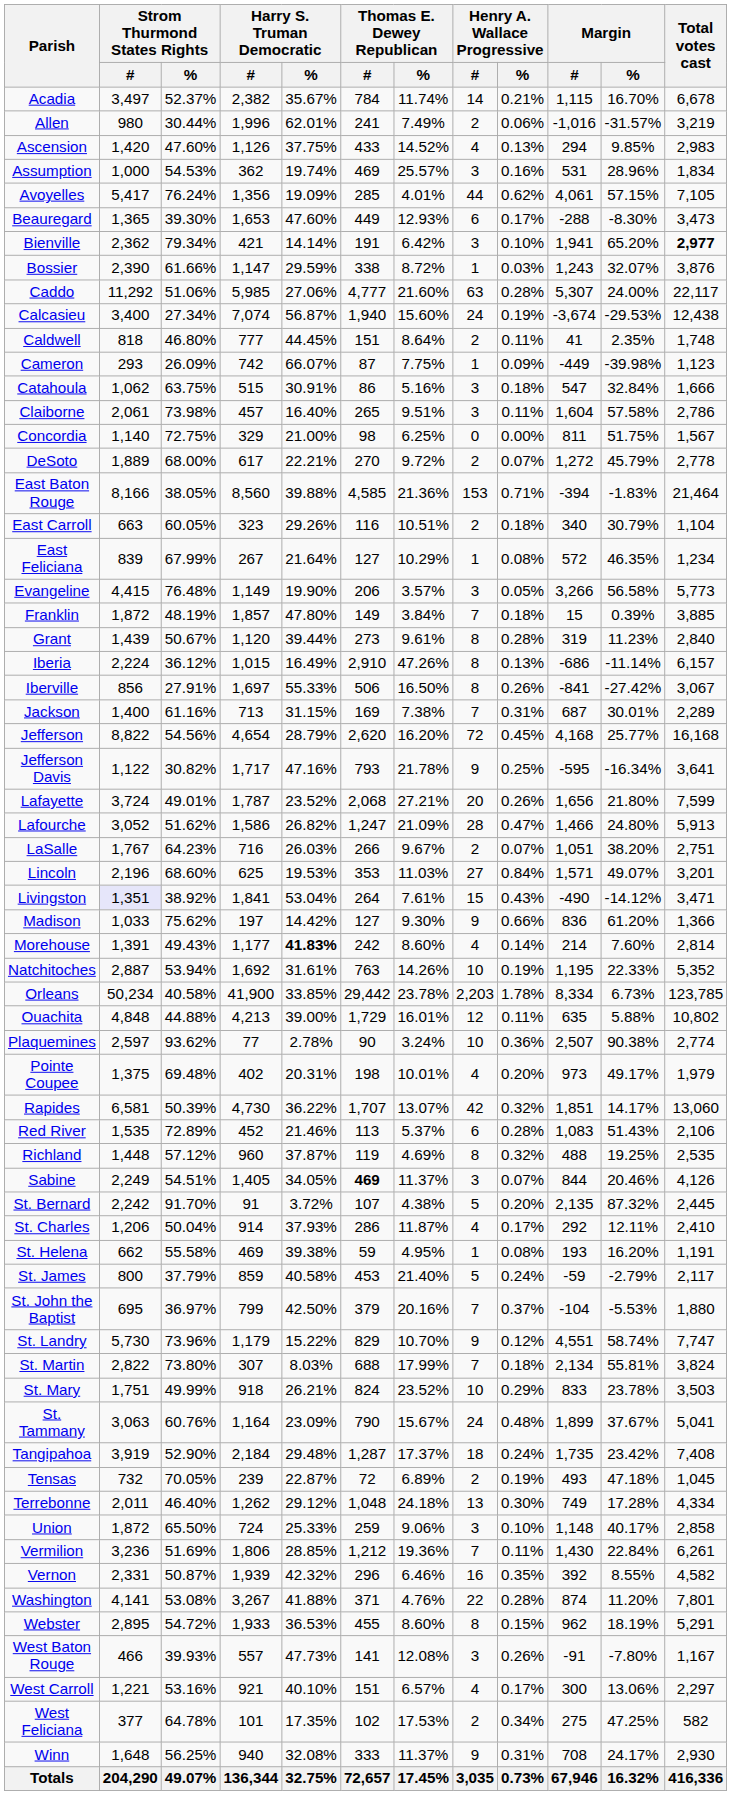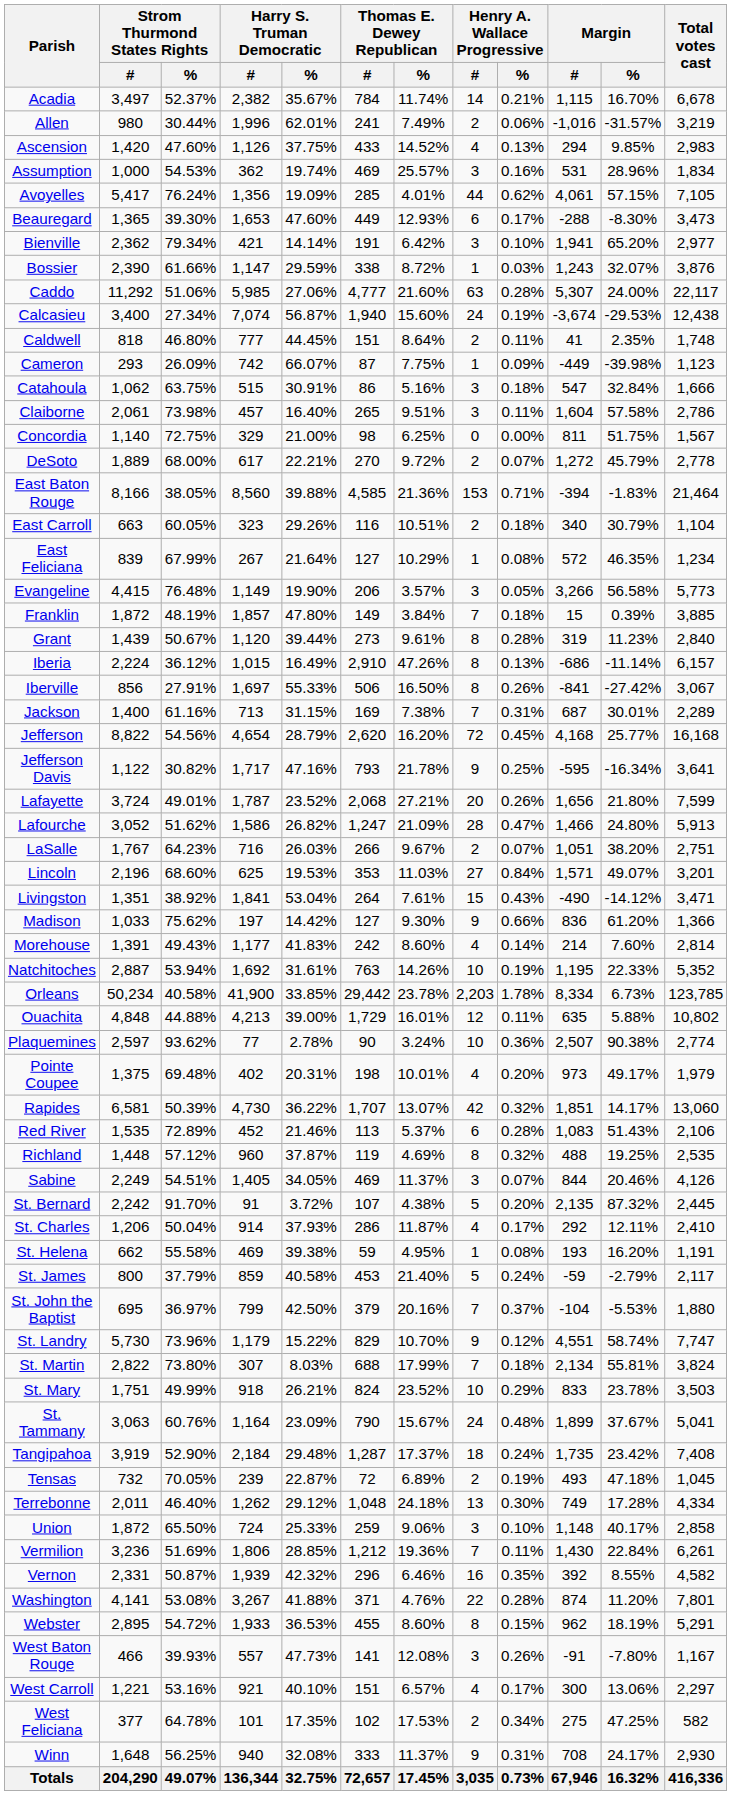 <table width="60%" class="wikitable sortable">
 <tr>
 <th rowspan="2">Parish</th>
 <th colspan="2">Strom Thurmond<br>States Rights</th>
 <th colspan="2">Harry S. Truman<br>Democratic</th>
 <th colspan="2">Thomas E. Dewey<br>Republican</th>
 <th colspan="2">Henry A. Wallace<br>Progressive</th>
 <th colspan="2">Margin</th>
 <th rowspan="2">Total votes cast</th>
 </tr>
 <tr>
 <th data-sort-type="number">#</th>
 <th data-sort-type="number">%</th>
 <th data-sort-type="number">#</th>
 <th data-sort-type="number">%</th>
 <th data-sort-type="number">#</th>
 <th data-sort-type="number">%</th>
 <th data-sort-type="number">#</th>
 <th data-sort-type="number">%</th>
 <th data-sort-type="number">#</th>
 <th data-sort-type="number">%</th>
 </tr>
 <tr style="text-align:center;">
 <td><a href='#'>Acadia</a></td>
 <td>3,497</td>
 <td>52.37%</td>
 <td>2,382</td>
 <td>35.67%</td>
 <td>784</td>
 <td>11.74%</td>
 <td>14</td>
 <td>0.21%</td>
 <td>1,115</td>
 <td>16.70%</td>
 <td>6,678</td>
 </tr>
 <tr style="text-align:center;">
 <td><a href='#'>Allen</a></td>
 <td>980</td>
 <td>30.44%</td>
 <td>1,996</td>
 <td>62.01%</td>
 <td>241</td>
 <td>7.49%</td>
 <td>2</td>
 <td>0.06%</td>
 <td>-1,016</td>
 <td>-31.57%</td>
 <td>3,219</td>
 </tr>
 <tr style="text-align:center;">
 <td><a href='#'>Ascension</a></td>
 <td>1,420</td>
 <td>47.60%</td>
 <td>1,126</td>
 <td>37.75%</td>
 <td>433</td>
 <td>14.52%</td>
 <td>4</td>
 <td>0.13%</td>
 <td>294</td>
 <td>9.85%</td>
 <td>2,983</td>
 </tr>
 <tr style="text-align:center;">
 <td><a href='#'>Assumption</a></td>
 <td>1,000</td>
 <td>54.53%</td>
 <td>362</td>
 <td>19.74%</td>
 <td>469</td>
 <td>25.57%</td>
 <td>3</td>
 <td>0.16%</td>
 <td>531</td>
 <td>28.96%</td>
 <td>1,834</td>
 </tr>
 <tr style="text-align:center;">
 <td><a href='#'>Avoyelles</a></td>
 <td>5,417</td>
 <td>76.24%</td>
 <td>1,356</td>
 <td>19.09%</td>
 <td>285</td>
 <td>4.01%</td>
 <td>44</td>
 <td>0.62%</td>
 <td>4,061</td>
 <td>57.15%</td>
 <td>7,105</td>
 </tr>
 <tr style="text-align:center;">
 <td><a href='#'>Beauregard</a></td>
 <td>1,365</td>
 <td>39.30%</td>
 <td>1,653</td>
 <td>47.60%</td>
 <td>449</td>
 <td>12.93%</td>
 <td>6</td>
 <td>0.17%</td>
 <td>-288</td>
 <td>-8.30%</td>
 <td>3,473</td>
 </tr>
 <tr style="text-align:center;">
 <td><a href='#'>Bienville</a></td>
 <td>2,362</td>
 <td>79.34%</td>
 <td>421</td>
 <td>14.14%</td>
 <td>191</td>
 <td>6.42%</td>
 <td>3</td>
 <td>0.10%</td>
 <td>1,941</td>
 <td>65.20%</td>
-<td><strong>2,977</strong></td>
+<td>2,977</td>
 </tr>
 <tr style="text-align:center;">
 <td><a href='#'>Bossier</a></td>
 <td>2,390</td>
 <td>61.66%</td>
 <td>1,147</td>
 <td>29.59%</td>
 <td>338</td>
 <td>8.72%</td>
 <td>1</td>
 <td>0.03%</td>
 <td>1,243</td>
 <td>32.07%</td>
 <td>3,876</td>
 </tr>
 <tr style="text-align:center;">
 <td><a href='#'>Caddo</a></td>
 <td>11,292</td>
 <td>51.06%</td>
 <td>5,985</td>
 <td>27.06%</td>
 <td>4,777</td>
 <td>21.60%</td>
 <td>63</td>
 <td>0.28%</td>
 <td>5,307</td>
 <td>24.00%</td>
 <td>22,117</td>
 </tr>
 <tr style="text-align:center;">
 <td><a href='#'>Calcasieu</a></td>
 <td>3,400</td>
 <td>27.34%</td>
 <td>7,074</td>
 <td>56.87%</td>
 <td>1,940</td>
 <td>15.60%</td>
 <td>24</td>
 <td>0.19%</td>
 <td>-3,674</td>
 <td>-29.53%</td>
 <td>12,438</td>
 </tr>
 <tr style="text-align:center;">
 <td><a href='#'>Caldwell</a></td>
 <td>818</td>
 <td>46.80%</td>
 <td>777</td>
 <td>44.45%</td>
 <td>151</td>
 <td>8.64%</td>
 <td>2</td>
 <td>0.11%</td>
 <td>41</td>
 <td>2.35%</td>
 <td>1,748</td>
 </tr>
 <tr style="text-align:center;">
 <td><a href='#'>Cameron</a></td>
 <td>293</td>
 <td>26.09%</td>
 <td>742</td>
 <td>66.07%</td>
 <td>87</td>
 <td>7.75%</td>
 <td>1</td>
 <td>0.09%</td>
 <td>-449</td>
 <td>-39.98%</td>
 <td>1,123</td>
 </tr>
 <tr style="text-align:center;">
 <td><a href='#'>Catahoula</a></td>
 <td>1,062</td>
 <td>63.75%</td>
 <td>515</td>
 <td>30.91%</td>
 <td>86</td>
 <td>5.16%</td>
 <td>3</td>
 <td>0.18%</td>
 <td>547</td>
 <td>32.84%</td>
 <td>1,666</td>
 </tr>
 <tr style="text-align:center;">
 <td><a href='#'>Claiborne</a></td>
 <td>2,061</td>
 <td>73.98%</td>
 <td>457</td>
 <td>16.40%</td>
 <td>265</td>
 <td>9.51%</td>
 <td>3</td>
 <td>0.11%</td>
 <td>1,604</td>
 <td>57.58%</td>
 <td>2,786</td>
 </tr>
 <tr style="text-align:center;">
 <td><a href='#'>Concordia</a></td>
 <td>1,140</td>
 <td>72.75%</td>
 <td>329</td>
 <td>21.00%</td>
 <td>98</td>
 <td>6.25%</td>
 <td>0</td>
 <td>0.00%</td>
 <td>811</td>
 <td>51.75%</td>
 <td>1,567</td>
 </tr>
 <tr style="text-align:center;">
 <td><a href='#'>DeSoto</a></td>
 <td>1,889</td>
 <td>68.00%</td>
 <td>617</td>
 <td>22.21%</td>
 <td>270</td>
 <td>9.72%</td>
 <td>2</td>
 <td>0.07%</td>
 <td>1,272</td>
 <td>45.79%</td>
 <td>2,778</td>
 </tr>
 <tr style="text-align:center;">
 <td><a href='#'>East Baton Rouge</a></td>
 <td>8,166</td>
 <td>38.05%</td>
 <td>8,560</td>
 <td>39.88%</td>
 <td>4,585</td>
 <td>21.36%</td>
 <td>153</td>
 <td>0.71%</td>
 <td>-394</td>
 <td>-1.83%</td>
 <td>21,464</td>
 </tr>
 <tr style="text-align:center;">
 <td><a href='#'>East Carroll</a></td>
 <td>663</td>
 <td>60.05%</td>
 <td>323</td>
 <td>29.26%</td>
 <td>116</td>
 <td>10.51%</td>
 <td>2</td>
 <td>0.18%</td>
 <td>340</td>
 <td>30.79%</td>
 <td>1,104</td>
 </tr>
 <tr style="text-align:center;">
 <td><a href='#'>East Feliciana</a></td>
 <td>839</td>
 <td>67.99%</td>
 <td>267</td>
 <td>21.64%</td>
 <td>127</td>
 <td>10.29%</td>
 <td>1</td>
 <td>0.08%</td>
 <td>572</td>
 <td>46.35%</td>
 <td>1,234</td>
 </tr>
 <tr style="text-align:center;">
 <td><a href='#'>Evangeline</a></td>
 <td>4,415</td>
 <td>76.48%</td>
 <td>1,149</td>
 <td>19.90%</td>
 <td>206</td>
 <td>3.57%</td>
 <td>3</td>
 <td>0.05%</td>
 <td>3,266</td>
 <td>56.58%</td>
 <td>5,773</td>
 </tr>
 <tr style="text-align:center;">
 <td><a href='#'>Franklin</a></td>
 <td>1,872</td>
 <td>48.19%</td>
 <td>1,857</td>
 <td>47.80%</td>
 <td>149</td>
 <td>3.84%</td>
 <td>7</td>
 <td>0.18%</td>
 <td>15</td>
 <td>0.39%</td>
 <td>3,885</td>
 </tr>
 <tr style="text-align:center;">
 <td><a href='#'>Grant</a></td>
 <td>1,439</td>
 <td>50.67%</td>
 <td>1,120</td>
 <td>39.44%</td>
 <td>273</td>
 <td>9.61%</td>
 <td>8</td>
 <td>0.28%</td>
 <td>319</td>
 <td>11.23%</td>
 <td>2,840</td>
 </tr>
 <tr style="text-align:center;">
 <td><a href='#'>Iberia</a></td>
 <td>2,224</td>
 <td>36.12%</td>
 <td>1,015</td>
 <td>16.49%</td>
 <td>2,910</td>
 <td>47.26%</td>
 <td>8</td>
 <td>0.13%</td>
 <td>-686</td>
 <td>-11.14%</td>
 <td>6,157</td>
 </tr>
 <tr style="text-align:center;">
 <td><a href='#'>Iberville</a></td>
 <td>856</td>
 <td>27.91%</td>
 <td>1,697</td>
 <td>55.33%</td>
 <td>506</td>
 <td>16.50%</td>
 <td>8</td>
 <td>0.26%</td>
 <td>-841</td>
 <td>-27.42%</td>
 <td>3,067</td>
 </tr>
 <tr style="text-align:center;">
 <td><a href='#'>Jackson</a></td>
 <td>1,400</td>
 <td>61.16%</td>
 <td>713</td>
 <td>31.15%</td>
 <td>169</td>
 <td>7.38%</td>
 <td>7</td>
 <td>0.31%</td>
 <td>687</td>
 <td>30.01%</td>
 <td>2,289</td>
 </tr>
 <tr style="text-align:center;">
 <td><a href='#'>Jefferson</a></td>
 <td>8,822</td>
 <td>54.56%</td>
 <td>4,654</td>
 <td>28.79%</td>
 <td>2,620</td>
 <td>16.20%</td>
 <td>72</td>
 <td>0.45%</td>
 <td>4,168</td>
 <td>25.77%</td>
 <td>16,168</td>
 </tr>
 <tr style="text-align:center;">
 <td><a href='#'>Jefferson Davis</a></td>
 <td>1,122</td>
 <td>30.82%</td>
 <td>1,717</td>
 <td>47.16%</td>
 <td>793</td>
 <td>21.78%</td>
 <td>9</td>
 <td>0.25%</td>
 <td>-595</td>
 <td>-16.34%</td>
 <td>3,641</td>
 </tr>
 <tr style="text-align:center;">
 <td><a href='#'>Lafayette</a></td>
 <td>3,724</td>
 <td>49.01%</td>
 <td>1,787</td>
 <td>23.52%</td>
 <td>2,068</td>
 <td>27.21%</td>
 <td>20</td>
 <td>0.26%</td>
 <td>1,656</td>
 <td>21.80%</td>
 <td>7,599</td>
 </tr>
 <tr style="text-align:center;">
 <td><a href='#'>Lafourche</a></td>
 <td>3,052</td>
 <td>51.62%</td>
 <td>1,586</td>
 <td>26.82%</td>
 <td>1,247</td>
 <td>21.09%</td>
 <td>28</td>
 <td>0.47%</td>
 <td>1,466</td>
 <td>24.80%</td>
 <td>5,913</td>
 </tr>
 <tr style="text-align:center;">
 <td><a href='#'>LaSalle</a></td>
 <td>1,767</td>
 <td>64.23%</td>
 <td>716</td>
 <td>26.03%</td>
 <td>266</td>
 <td>9.67%</td>
 <td>2</td>
 <td>0.07%</td>
 <td>1,051</td>
 <td>38.20%</td>
 <td>2,751</td>
 </tr>
 <tr style="text-align:center;">
 <td><a href='#'>Lincoln</a></td>
 <td>2,196</td>
 <td>68.60%</td>
 <td>625</td>
 <td>19.53%</td>
 <td>353</td>
 <td>11.03%</td>
 <td>27</td>
 <td>0.84%</td>
 <td>1,571</td>
 <td>49.07%</td>
 <td>3,201</td>
 </tr>
 <tr style="text-align:center;">
 <td><a href='#'>Livingston</a></td>
-<td style="background: lavender;">1,351</td>
+<td>1,351</td>
 <td>38.92%</td>
 <td>1,841</td>
 <td>53.04%</td>
 <td>264</td>
 <td>7.61%</td>
 <td>15</td>
 <td>0.43%</td>
 <td>-490</td>
 <td>-14.12%</td>
 <td>3,471</td>
 </tr>
 <tr style="text-align:center;">
 <td><a href='#'>Madison</a></td>
 <td>1,033</td>
 <td>75.62%</td>
 <td>197</td>
 <td>14.42%</td>
 <td>127</td>
 <td>9.30%</td>
 <td>9</td>
 <td>0.66%</td>
 <td>836</td>
 <td>61.20%</td>
 <td>1,366</td>
 </tr>
 <tr style="text-align:center;">
 <td><a href='#'>Morehouse</a></td>
 <td>1,391</td>
 <td>49.43%</td>
 <td>1,177</td>
-<td><strong>41.83%</strong></td>
+<td>41.83%</td>
 <td>242</td>
 <td>8.60%</td>
 <td>4</td>
 <td>0.14%</td>
 <td>214</td>
 <td>7.60%</td>
 <td>2,814</td>
 </tr>
 <tr style="text-align:center;">
 <td><a href='#'>Natchitoches</a></td>
 <td>2,887</td>
 <td>53.94%</td>
 <td>1,692</td>
 <td>31.61%</td>
 <td>763</td>
 <td>14.26%</td>
 <td>10</td>
 <td>0.19%</td>
 <td>1,195</td>
 <td>22.33%</td>
 <td>5,352</td>
 </tr>
 <tr style="text-align:center;">
 <td><a href='#'>Orleans</a></td>
 <td>50,234</td>
 <td>40.58%</td>
 <td>41,900</td>
 <td>33.85%</td>
 <td>29,442</td>
 <td>23.78%</td>
 <td>2,203</td>
 <td>1.78%</td>
 <td>8,334</td>
 <td>6.73%</td>
 <td>123,785</td>
 </tr>
 <tr style="text-align:center;">
 <td><a href='#'>Ouachita</a></td>
 <td>4,848</td>
 <td>44.88%</td>
 <td>4,213</td>
 <td>39.00%</td>
 <td>1,729</td>
 <td>16.01%</td>
 <td>12</td>
 <td>0.11%</td>
 <td>635</td>
 <td>5.88%</td>
 <td>10,802</td>
 </tr>
 <tr style="text-align:center;">
 <td><a href='#'>Plaquemines</a></td>
 <td>2,597</td>
 <td>93.62%</td>
 <td>77</td>
 <td>2.78%</td>
 <td>90</td>
 <td>3.24%</td>
 <td>10</td>
 <td>0.36%</td>
 <td>2,507</td>
 <td>90.38%</td>
 <td>2,774</td>
 </tr>
 <tr style="text-align:center;">
 <td><a href='#'>Pointe Coupee</a></td>
 <td>1,375</td>
 <td>69.48%</td>
 <td>402</td>
 <td>20.31%</td>
 <td>198</td>
 <td>10.01%</td>
 <td>4</td>
 <td>0.20%</td>
 <td>973</td>
 <td>49.17%</td>
 <td>1,979</td>
 </tr>
 <tr style="text-align:center;">
 <td><a href='#'>Rapides</a></td>
 <td>6,581</td>
 <td>50.39%</td>
 <td>4,730</td>
 <td>36.22%</td>
 <td>1,707</td>
 <td>13.07%</td>
 <td>42</td>
 <td>0.32%</td>
 <td>1,851</td>
 <td>14.17%</td>
 <td>13,060</td>
 </tr>
 <tr style="text-align:center;">
 <td><a href='#'>Red River</a></td>
 <td>1,535</td>
 <td>72.89%</td>
 <td>452</td>
 <td>21.46%</td>
 <td>113</td>
 <td>5.37%</td>
 <td>6</td>
 <td>0.28%</td>
 <td>1,083</td>
 <td>51.43%</td>
 <td>2,106</td>
 </tr>
 <tr style="text-align:center;">
 <td><a href='#'>Richland</a></td>
 <td>1,448</td>
 <td>57.12%</td>
 <td>960</td>
 <td>37.87%</td>
 <td>119</td>
 <td>4.69%</td>
 <td>8</td>
 <td>0.32%</td>
 <td>488</td>
 <td>19.25%</td>
 <td>2,535</td>
 </tr>
 <tr style="text-align:center;">
 <td><a href='#'>Sabine</a></td>
 <td>2,249</td>
 <td>54.51%</td>
 <td>1,405</td>
 <td>34.05%</td>
-<td><strong>469</strong></td>
+<td>469</td>
 <td>11.37%</td>
 <td>3</td>
 <td>0.07%</td>
 <td>844</td>
 <td>20.46%</td>
 <td>4,126</td>
 </tr>
 <tr style="text-align:center;">
 <td><a href='#'>St. Bernard</a></td>
 <td>2,242</td>
 <td>91.70%</td>
 <td>91</td>
 <td>3.72%</td>
 <td>107</td>
 <td>4.38%</td>
 <td>5</td>
 <td>0.20%</td>
 <td>2,135</td>
 <td>87.32%</td>
 <td>2,445</td>
 </tr>
 <tr style="text-align:center;">
 <td><a href='#'>St. Charles</a></td>
 <td>1,206</td>
 <td>50.04%</td>
 <td>914</td>
 <td>37.93%</td>
 <td>286</td>
 <td>11.87%</td>
 <td>4</td>
 <td>0.17%</td>
 <td>292</td>
 <td>12.11%</td>
 <td>2,410</td>
 </tr>
 <tr style="text-align:center;">
 <td><a href='#'>St. Helena</a></td>
 <td>662</td>
 <td>55.58%</td>
 <td>469</td>
 <td>39.38%</td>
 <td>59</td>
 <td>4.95%</td>
 <td>1</td>
 <td>0.08%</td>
 <td>193</td>
 <td>16.20%</td>
 <td>1,191</td>
 </tr>
 <tr style="text-align:center;">
 <td><a href='#'>St. James</a></td>
 <td>800</td>
 <td>37.79%</td>
 <td>859</td>
 <td>40.58%</td>
 <td>453</td>
 <td>21.40%</td>
 <td>5</td>
 <td>0.24%</td>
 <td>-59</td>
 <td>-2.79%</td>
 <td>2,117</td>
 </tr>
 <tr style="text-align:center;">
 <td><a href='#'>St. John the Baptist</a></td>
 <td>695</td>
 <td>36.97%</td>
 <td>799</td>
 <td>42.50%</td>
 <td>379</td>
 <td>20.16%</td>
 <td>7</td>
 <td>0.37%</td>
 <td>-104</td>
 <td>-5.53%</td>
 <td>1,880</td>
 </tr>
 <tr style="text-align:center;">
 <td><a href='#'>St. Landry</a></td>
 <td>5,730</td>
 <td>73.96%</td>
 <td>1,179</td>
 <td>15.22%</td>
 <td>829</td>
 <td>10.70%</td>
 <td>9</td>
 <td>0.12%</td>
 <td>4,551</td>
 <td>58.74%</td>
 <td>7,747</td>
 </tr>
 <tr style="text-align:center;">
 <td><a href='#'>St. Martin</a></td>
 <td>2,822</td>
 <td>73.80%</td>
 <td>307</td>
 <td>8.03%</td>
 <td>688</td>
 <td>17.99%</td>
 <td>7</td>
 <td>0.18%</td>
 <td>2,134</td>
 <td>55.81%</td>
 <td>3,824</td>
 </tr>
 <tr style="text-align:center;">
 <td><a href='#'>St. Mary</a></td>
 <td>1,751</td>
 <td>49.99%</td>
 <td>918</td>
 <td>26.21%</td>
 <td>824</td>
 <td>23.52%</td>
 <td>10</td>
 <td>0.29%</td>
 <td>833</td>
 <td>23.78%</td>
 <td>3,503</td>
 </tr>
 <tr style="text-align:center;">
 <td><a href='#'>St. Tammany</a></td>
 <td>3,063</td>
 <td>60.76%</td>
 <td>1,164</td>
 <td>23.09%</td>
 <td>790</td>
 <td>15.67%</td>
 <td>24</td>
 <td>0.48%</td>
 <td>1,899</td>
 <td>37.67%</td>
 <td>5,041</td>
 </tr>
 <tr style="text-align:center;">
 <td><a href='#'>Tangipahoa</a></td>
 <td>3,919</td>
 <td>52.90%</td>
 <td>2,184</td>
 <td>29.48%</td>
 <td>1,287</td>
 <td>17.37%</td>
 <td>18</td>
 <td>0.24%</td>
 <td>1,735</td>
 <td>23.42%</td>
 <td>7,408</td>
 </tr>
 <tr style="text-align:center;">
 <td><a href='#'>Tensas</a></td>
 <td>732</td>
 <td>70.05%</td>
 <td>239</td>
 <td>22.87%</td>
 <td>72</td>
 <td>6.89%</td>
 <td>2</td>
 <td>0.19%</td>
 <td>493</td>
 <td>47.18%</td>
 <td>1,045</td>
 </tr>
 <tr style="text-align:center;">
 <td><a href='#'>Terrebonne</a></td>
 <td>2,011</td>
 <td>46.40%</td>
 <td>1,262</td>
 <td>29.12%</td>
 <td>1,048</td>
 <td>24.18%</td>
 <td>13</td>
 <td>0.30%</td>
 <td>749</td>
 <td>17.28%</td>
 <td>4,334</td>
 </tr>
 <tr style="text-align:center;">
 <td><a href='#'>Union</a></td>
 <td>1,872</td>
 <td>65.50%</td>
 <td>724</td>
 <td>25.33%</td>
 <td>259</td>
 <td>9.06%</td>
 <td>3</td>
 <td>0.10%</td>
 <td>1,148</td>
 <td>40.17%</td>
 <td>2,858</td>
 </tr>
 <tr style="text-align:center;">
 <td><a href='#'>Vermilion</a></td>
 <td>3,236</td>
 <td>51.69%</td>
 <td>1,806</td>
 <td>28.85%</td>
 <td>1,212</td>
 <td>19.36%</td>
 <td>7</td>
 <td>0.11%</td>
 <td>1,430</td>
 <td>22.84%</td>
 <td>6,261</td>
 </tr>
 <tr style="text-align:center;">
 <td><a href='#'>Vernon</a></td>
 <td>2,331</td>
 <td>50.87%</td>
 <td>1,939</td>
 <td>42.32%</td>
 <td>296</td>
 <td>6.46%</td>
 <td>16</td>
 <td>0.35%</td>
 <td>392</td>
 <td>8.55%</td>
 <td>4,582</td>
 </tr>
 <tr style="text-align:center;">
 <td><a href='#'>Washington</a></td>
 <td>4,141</td>
 <td>53.08%</td>
 <td>3,267</td>
 <td>41.88%</td>
 <td>371</td>
 <td>4.76%</td>
 <td>22</td>
 <td>0.28%</td>
 <td>874</td>
 <td>11.20%</td>
 <td>7,801</td>
 </tr>
 <tr style="text-align:center;">
 <td><a href='#'>Webster</a></td>
 <td>2,895</td>
 <td>54.72%</td>
 <td>1,933</td>
 <td>36.53%</td>
 <td>455</td>
 <td>8.60%</td>
 <td>8</td>
 <td>0.15%</td>
 <td>962</td>
 <td>18.19%</td>
 <td>5,291</td>
 </tr>
 <tr style="text-align:center;">
 <td><a href='#'>West Baton Rouge</a></td>
 <td>466</td>
 <td>39.93%</td>
 <td>557</td>
 <td>47.73%</td>
 <td>141</td>
 <td>12.08%</td>
 <td>3</td>
 <td>0.26%</td>
 <td>-91</td>
 <td>-7.80%</td>
 <td>1,167</td>
 </tr>
 <tr style="text-align:center;">
 <td><a href='#'>West Carroll</a></td>
 <td>1,221</td>
 <td>53.16%</td>
 <td>921</td>
 <td>40.10%</td>
 <td>151</td>
 <td>6.57%</td>
 <td>4</td>
 <td>0.17%</td>
 <td>300</td>
 <td>13.06%</td>
 <td>2,297</td>
 </tr>
 <tr style="text-align:center;">
 <td><a href='#'>West Feliciana</a></td>
 <td>377</td>
 <td>64.78%</td>
 <td>101</td>
 <td>17.35%</td>
 <td>102</td>
 <td>17.53%</td>
 <td>2</td>
 <td>0.34%</td>
 <td>275</td>
 <td>47.25%</td>
 <td>582</td>
 </tr>
 <tr style="text-align:center;">
 <td><a href='#'>Winn</a></td>
 <td>1,648</td>
 <td>56.25%</td>
 <td>940</td>
 <td>32.08%</td>
 <td>333</td>
 <td>11.37%</td>
 <td>9</td>
 <td>0.31%</td>
 <td>708</td>
 <td>24.17%</td>
 <td>2,930</td>
 </tr>
 <tr style="text-align:center;">
 <th>Totals</th>
 <th>204,290</th>
 <th>49.07%</th>
 <th>136,344</th>
 <th>32.75%</th>
 <th>72,657</th>
 <th>17.45%</th>
 <th>3,035</th>
 <th>0.73%</th>
 <th>67,946</th>
 <th>16.32%</th>
 <th>416,336</th>
 </tr>
 </table>
